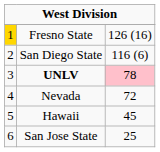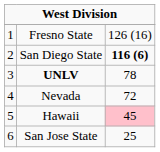 <table class="wikitable">
 <tr align="center">
 <td align="center" Colspan="3"><strong>West Division</strong></td>
 </tr>
 <tr align="center">
 </tr>
 <tr align="center">
-<td style="background: gold;">1</td>
+<td>1</td>
 <td>Fresno State</td>
 <td>126 (16)</td>
 </tr>
 <tr align="center">
 <td>2</td>
 <td>San Diego State</td>
-<td>116 (6)</td>
+<td><strong>116 (6)</strong></td>
 </tr>
 <tr align="center">
 <td>3</td>
 <td><strong>UNLV</strong></td>
-<td style="background: pink;">78</td>
+<td>78</td>
 </tr>
 <tr align="center">
 <td>4</td>
 <td>Nevada</td>
 <td>72</td>
 </tr>
 <tr align="center">
 <td>5</td>
 <td>Hawaii</td>
-<td>45</td>
+<td style="background: pink;">45</td>
 </tr>
 <tr align="center">
 <td>6</td>
 <td>San Jose State</td>
 <td>25</td>
 </tr>
 </table>
